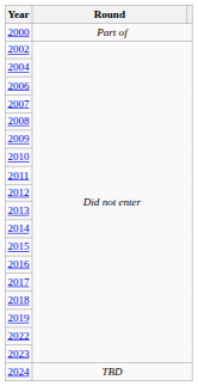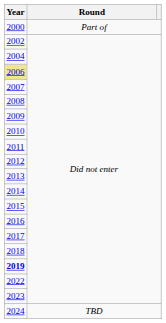 <table class="wikitable" style="text-align: center; font-size:90%">
 <tr>
 <th>Year</th>
 <th style="width:200px">Round</th>
 <th></th>
 </tr>
 <tr>
 <td><a href='#'>2000</a></td>
 <td colspan="2"><em>Part of </em></td>
 </tr>
 <tr>
 <td><a href='#'>2002</a></td>
 <td colspan="2" rowspan="18"><em>Did not enter</em></td>
 </tr>
 <tr>
 <td><a href='#'>2004</a></td>
 </tr>
 <tr>
-<td><a href='#'>2006</a></td>
+<td style="background: khaki;"><a href='#'>2006</a></td>
 </tr>
 <tr>
 <td><a href='#'>2007</a></td>
 </tr>
 <tr>
 <td><a href='#'>2008</a></td>
 </tr>
 <tr>
 <td><a href='#'>2009</a></td>
 </tr>
 <tr>
 <td><a href='#'>2010</a></td>
 </tr>
 <tr>
 <td><a href='#'>2011</a></td>
 </tr>
 <tr>
 <td><a href='#'>2012</a></td>
 </tr>
 <tr>
 <td><a href='#'>2013</a></td>
 </tr>
 <tr>
 <td><a href='#'>2014</a></td>
 </tr>
 <tr>
 <td><a href='#'>2015</a></td>
 </tr>
 <tr>
 <td><a href='#'>2016</a></td>
 </tr>
 <tr>
 <td><a href='#'>2017</a></td>
 </tr>
 <tr>
 <td><a href='#'>2018</a></td>
 </tr>
 <tr>
-<td><a href='#'>2019</a></td>
+<td><strong><a href='#'>2019</a></strong></td>
 </tr>
 <tr>
 <td><a href='#'>2022</a></td>
 </tr>
 <tr>
 <td><a href='#'>2023</a></td>
 </tr>
 <tr>
 <td><a href='#'>2024</a></td>
 <td colspan="2"><em>TBD</em></td>
 </tr>
 </table>
